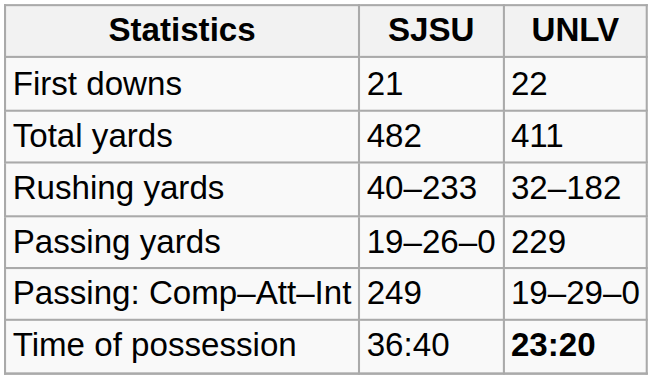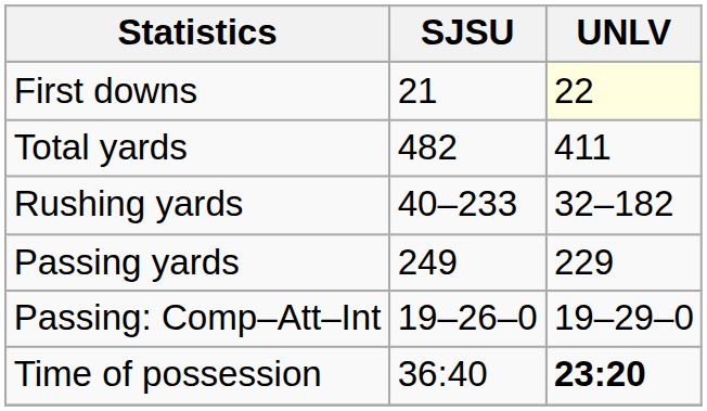 <table class="wikitable" style="float: left;">
 <tr>
 <th>Statistics</th>
 <th>SJSU</th>
 <th>UNLV</th>
 </tr>
 <tr>
 <td>First downs</td>
 <td>21</td>
-<td>22</td>
+<td style="background: lightyellow;">22</td>
 </tr>
 <tr>
 <td>Total yards</td>
 <td>482</td>
 <td>411</td>
 </tr>
 <tr>
 <td>Rushing yards</td>
 <td>40–233</td>
 <td>32–182</td>
 </tr>
 <tr>
 <td>Passing yards</td>
-<td>19–26–0</td>
+<td>249</td>
 <td>229</td>
 </tr>
 <tr>
 <td>Passing: Comp–Att–Int</td>
-<td>249</td>
+<td>19–26–0</td>
 <td>19–29–0</td>
 </tr>
 <tr>
 <td>Time of possession</td>
 <td>36:40</td>
 <td><strong>23:20</strong></td>
 </tr>
 <tr>
 </tr>
 </table>
